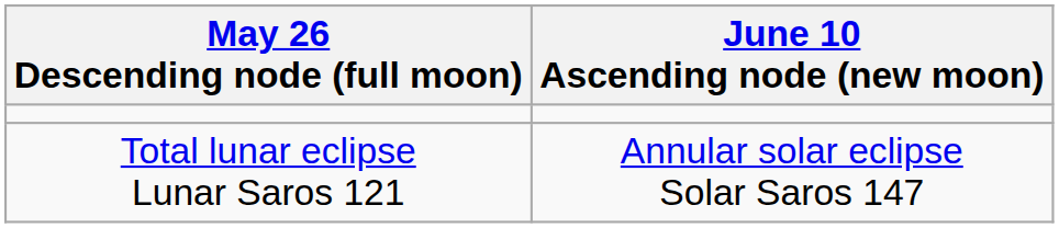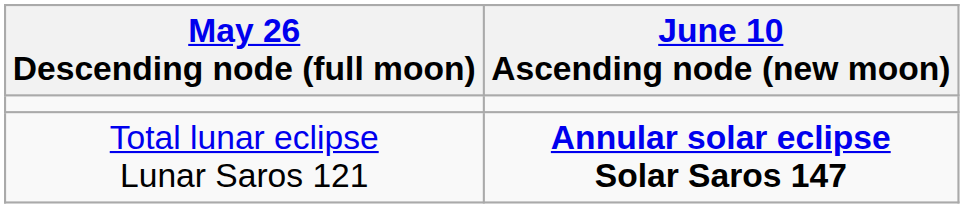 <table class="wikitable">
 <tr>
 <th><a href='#'>May 26</a><br>Descending node (full moon)<br></th>
 <th><a href='#'>June 10</a><br>Ascending node (new moon)<br></th>
 </tr>
 <tr>
 <td></td>
 <td></td>
 </tr>
 <tr align=center>
 <td><a href='#'>Total lunar eclipse</a><br>Lunar Saros 121</td>
-<td><a href='#'>Annular solar eclipse</a><br>Solar Saros 147</td>
+<td><strong><a href='#'>Annular solar eclipse</a><br>Solar Saros 147</strong></td>
 </tr>
 </table>
